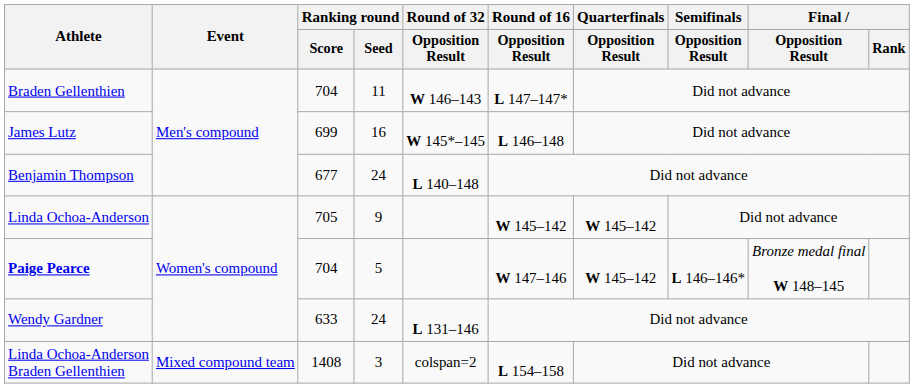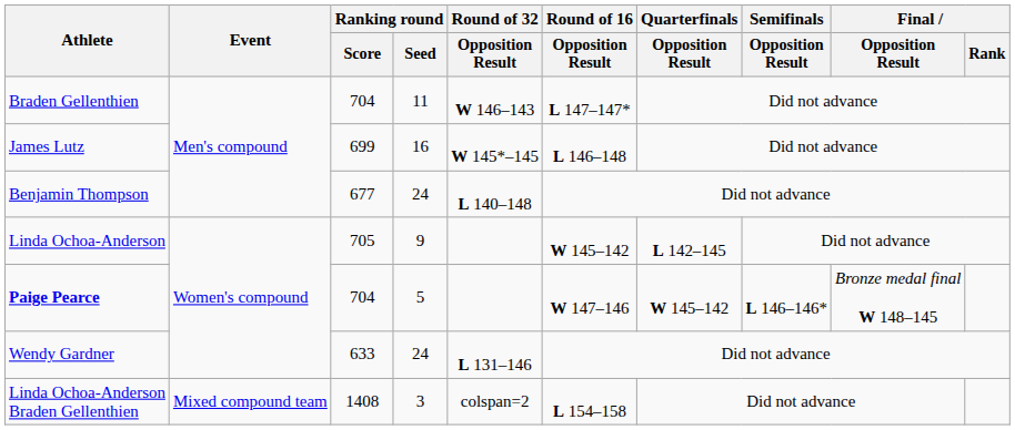 <table class=wikitable style=font-size:90%;text-align:center>
 <tr>
 <th rowspan=2>Athlete</th>
 <th rowspan=2>Event</th>
 <th colspan=2>Ranking round</th>
 <th>Round of 32</th>
 <th>Round of 16</th>
 <th>Quarterfinals</th>
 <th>Semifinals</th>
 <th colspan=2>Final / </th>
 </tr>
 <tr style=font-size:95%>
 <th>Score</th>
 <th>Seed</th>
 <th>Opposition<br>Result</th>
 <th>Opposition<br>Result</th>
 <th>Opposition<br>Result</th>
 <th>Opposition<br>Result</th>
 <th>Opposition<br>Result</th>
 <th>Rank</th>
 </tr>
 <tr>
 <td align=left><a href='#'>Braden Gellenthien</a></td>
 <td align=left rowspan=3><a href='#'>Men's compound</a></td>
 <td>704</td>
 <td>11</td>
 <td><br><strong>W</strong> 146–143</td>
 <td><br><strong>L</strong> 147–147*</td>
 <td colspan=4>Did not advance</td>
 </tr>
 <tr>
 <td align=left><a href='#'>James Lutz</a></td>
 <td>699</td>
 <td>16</td>
 <td><br><strong>W</strong> 145*–145</td>
 <td><br><strong>L</strong> 146–148</td>
 <td colspan=4>Did not advance</td>
 </tr>
 <tr>
 <td align=left><a href='#'>Benjamin Thompson</a></td>
 <td>677</td>
 <td>24</td>
 <td><br><strong>L</strong> 140–148</td>
 <td colspan=5>Did not advance</td>
 </tr>
 <tr>
 <td align=left><a href='#'>Linda Ochoa-Anderson</a></td>
 <td align=left rowspan=3><a href='#'>Women's compound</a></td>
 <td>705</td>
 <td>9</td>
 <td></td>
 <td><br><strong>W</strong> 145–142</td>
-<td><br><strong>W</strong> 145–142</td>
+<td><br><strong>L</strong> 142–145</td>
 <td colspan=4>Did not advance</td>
 </tr>
 <tr>
 <td align=left><strong><a href='#'>Paige Pearce</a></strong></td>
 <td>704</td>
 <td>5</td>
 <td></td>
 <td><br><strong>W</strong> 147–146</td>
 <td><br><strong>W</strong> 145–142</td>
 <td><br><strong>L</strong> 146–146*</td>
 <td><em>Bronze medal final</em><br><br><strong>W</strong> 148–145</td>
 <td></td>
 </tr>
 <tr>
 <td align=left><a href='#'>Wendy Gardner</a></td>
 <td>633</td>
 <td>24</td>
 <td><br><strong>L</strong> 131–146</td>
 <td colspan=5>Did not advance</td>
 </tr>
 <tr>
 <td align=left><a href='#'>Linda Ochoa-Anderson</a><br><a href='#'>Braden Gellenthien</a></td>
 <td align=left><a href='#'>Mixed compound team</a></td>
 <td>1408</td>
 <td>3</td>
 <td>colspan=2 </td>
 <td><br><strong>L</strong> 154–158</td>
 <td colspan=3>Did not advance</td>
 </tr>
 </table>
